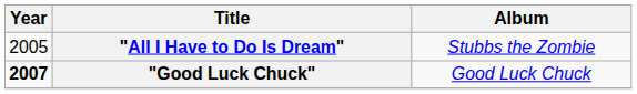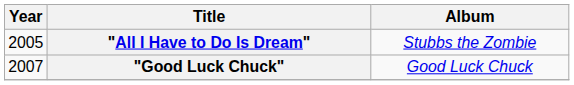 <table class="wikitable plainrowheaders" style="text-align:center;" border="1">
 <tr>
 <th style="width:2em;">Year</th>
 <th style="width:20em;">Title</th>
 <th style="width:12em;">Album</th>
 </tr>
 <tr>
 <td>2005</td>
 <th scope="row">"<a href='#'>All I Have to Do Is Dream</a>"</th>
 <td><em><a href='#'>Stubbs the Zombie</a></em></td>
 </tr>
 <tr>
-<td><strong>2007</strong></td>
+<td>2007</td>
 <th scope="row">"Good Luck Chuck"</th>
 <td><em><a href='#'>Good Luck Chuck</a></em></td>
 </tr>
 <tr>
 </tr>
 </table>
